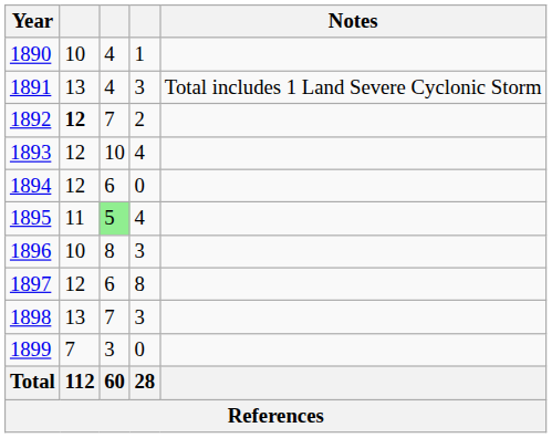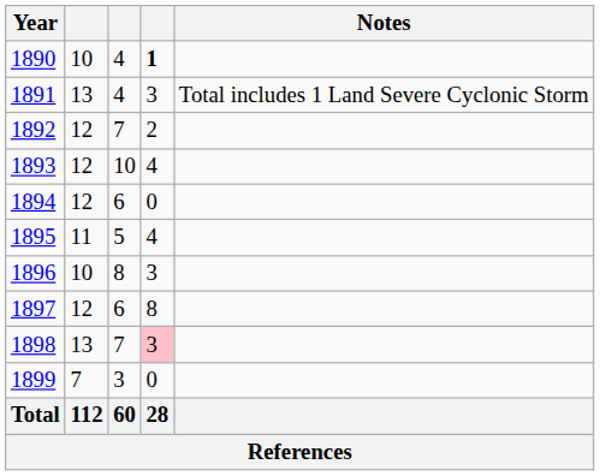 <table class="wikitable sortable">
 <tr>
 <th>Year</th>
 <th></th>
 <th></th>
 <th></th>
 <th>Notes</th>
 </tr>
 <tr>
 <td><a href='#'>1890</a></td>
 <td>10</td>
 <td>4</td>
-<td>1</td>
+<td><strong>1</strong></td>
 <td></td>
 </tr>
 <tr>
 <td><a href='#'>1891</a></td>
 <td>13</td>
 <td>4</td>
 <td>3</td>
 <td>Total includes 1 Land Severe Cyclonic Storm</td>
 </tr>
 <tr>
 <td><a href='#'>1892</a></td>
-<td><strong>12</strong></td>
+<td>12</td>
 <td>7</td>
 <td>2</td>
 <td></td>
 </tr>
 <tr>
 <td><a href='#'>1893</a></td>
 <td>12</td>
 <td>10</td>
 <td>4</td>
 <td></td>
 </tr>
 <tr>
 <td><a href='#'>1894</a></td>
 <td>12</td>
 <td>6</td>
 <td>0</td>
 <td></td>
 </tr>
 <tr>
 <td><a href='#'>1895</a></td>
 <td>11</td>
-<td style="background: lightgreen;">5</td>
+<td>5</td>
 <td>4</td>
 <td></td>
 </tr>
 <tr>
 <td><a href='#'>1896</a></td>
 <td>10</td>
 <td>8</td>
 <td>3</td>
 <td></td>
 </tr>
 <tr>
 <td><a href='#'>1897</a></td>
 <td>12</td>
 <td>6</td>
 <td>8</td>
 <td></td>
 </tr>
 <tr>
 <td><a href='#'>1898</a></td>
 <td>13</td>
 <td>7</td>
-<td>3</td>
+<td style="background: pink;">3</td>
 <td></td>
 </tr>
 <tr>
 <td><a href='#'>1899</a></td>
 <td>7</td>
 <td>3</td>
 <td>0</td>
 <td></td>
 </tr>
 <tr>
 <th>Total</th>
 <th>112</th>
 <th>60</th>
 <th>28</th>
 <th></th>
 </tr>
 <tr class="unsortable">
 <th colspan="5">References</th>
 </tr>
 </table>
